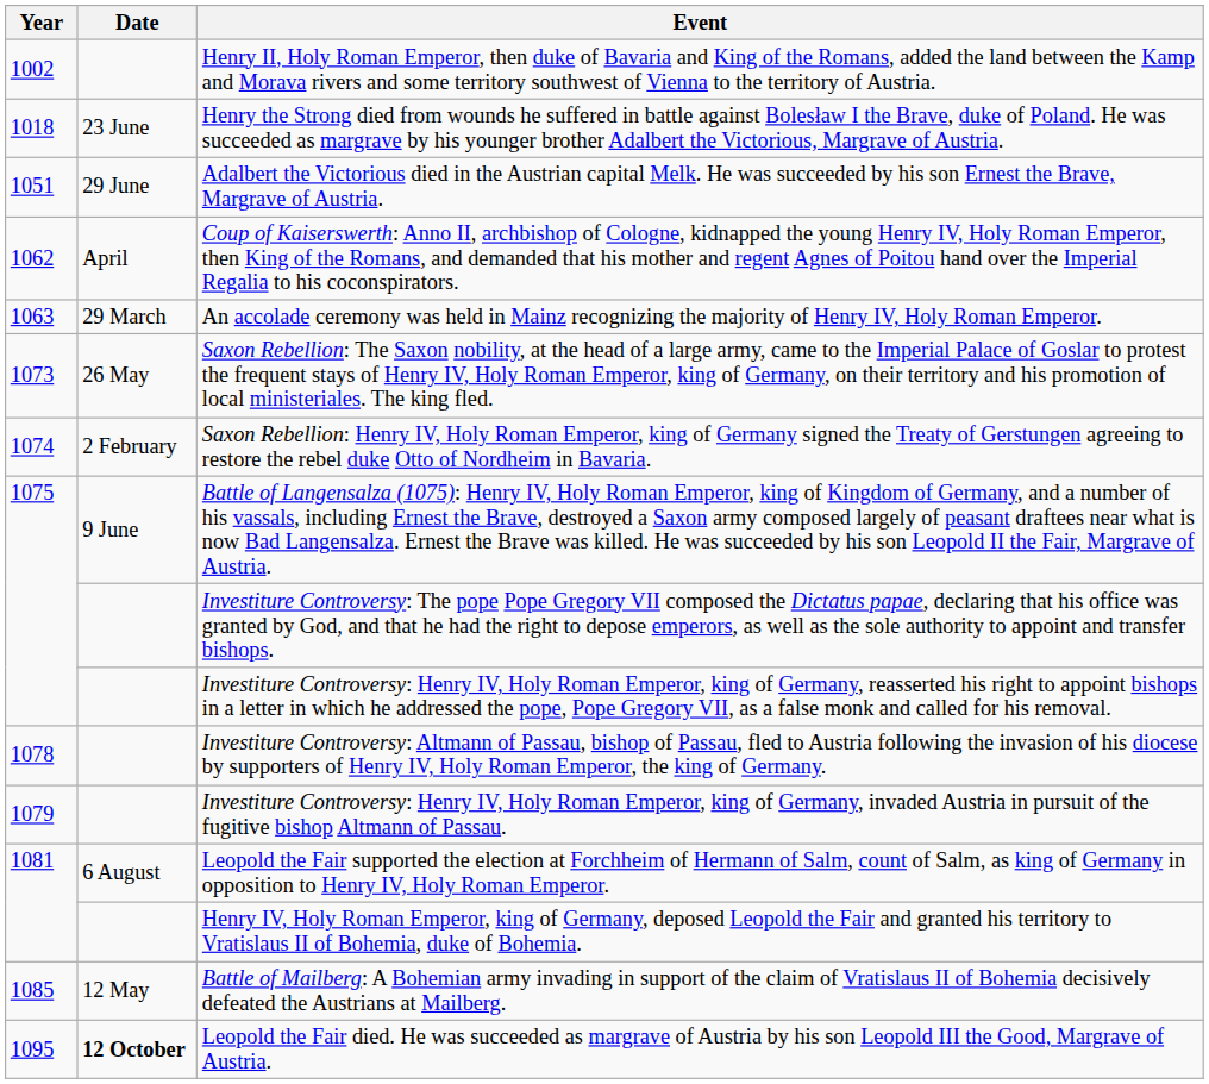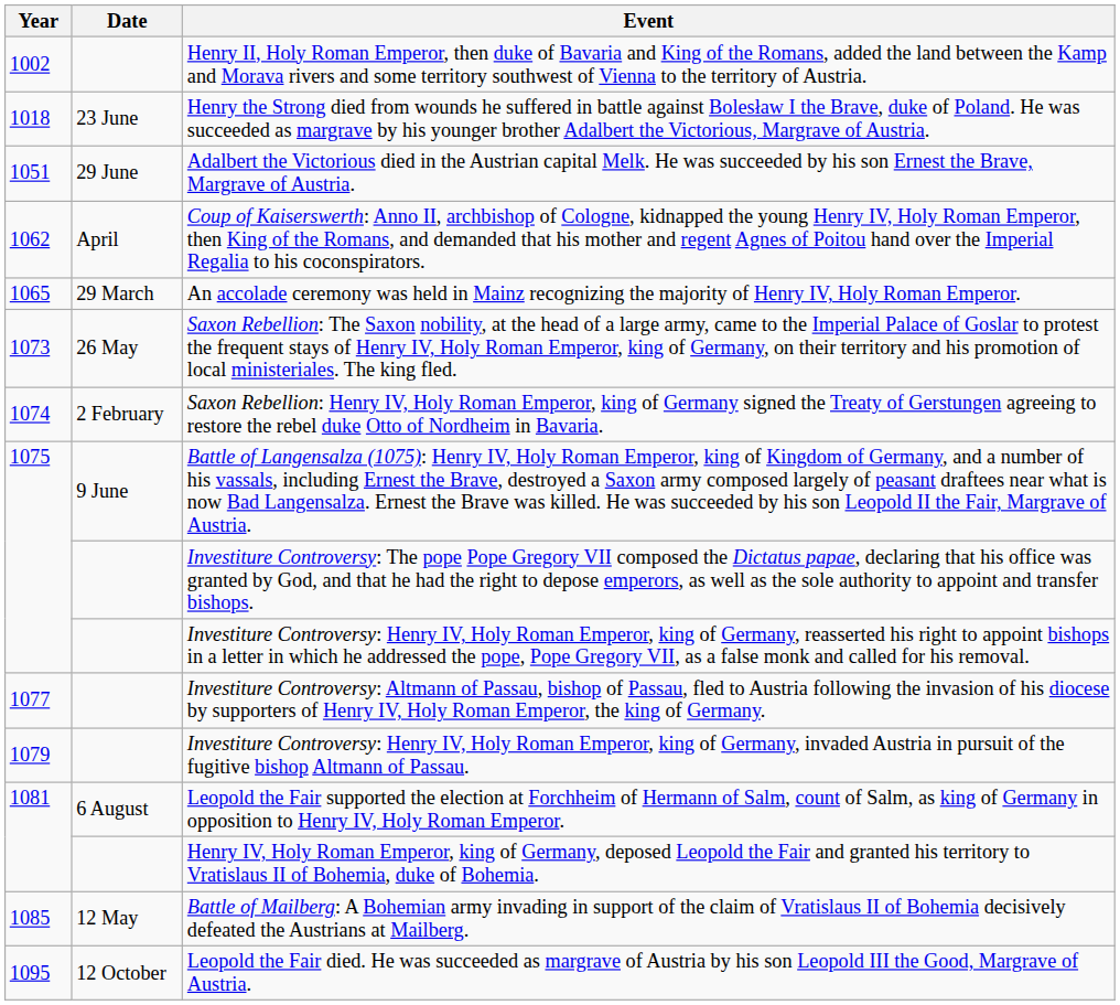 <table class="wikitable" width="100%">
 <tr>
 <th style="width: 6%;">Year</th>
 <th style="width: 10%;">Date</th>
 <th>Event</th>
 </tr>
 <tr>
 <td><a href='#'>1002</a></td>
 <td></td>
 <td><a href='#'>Henry II, Holy Roman Emperor</a>, then <a href='#'>duke</a> of <a href='#'>Bavaria</a> and <a href='#'>King of the Romans</a>, added the land between the <a href='#'>Kamp</a> and <a href='#'>Morava</a> rivers and some territory southwest of <a href='#'>Vienna</a> to the territory of Austria.</td>
 </tr>
 <tr>
 <td><a href='#'>1018</a></td>
 <td>23 June</td>
 <td><a href='#'>Henry the Strong</a> died from wounds he suffered in battle against <a href='#'>Bolesław I the Brave</a>, <a href='#'>duke</a> of <a href='#'>Poland</a>.  He was succeeded as <a href='#'>margrave</a> by his younger brother <a href='#'>Adalbert the Victorious, Margrave of Austria</a>.</td>
 </tr>
 <tr>
 <td><a href='#'>1051</a></td>
 <td>29 June</td>
 <td><a href='#'>Adalbert the Victorious</a> died in the Austrian capital <a href='#'>Melk</a>.  He was succeeded by his son <a href='#'>Ernest the Brave, Margrave of Austria</a>.</td>
 </tr>
 <tr>
 <td><a href='#'>1062</a></td>
 <td>April</td>
 <td><em><a href='#'>Coup of Kaiserswerth</a></em>: <a href='#'>Anno II</a>, <a href='#'>archbishop</a> of <a href='#'>Cologne</a>, kidnapped the young <a href='#'>Henry IV, Holy Roman Emperor</a>, then <a href='#'>King of the Romans</a>, and demanded that his mother and <a href='#'>regent</a> <a href='#'>Agnes of Poitou</a> hand over the <a href='#'>Imperial Regalia</a> to his coconspirators.</td>
 </tr>
 <tr>
-<td><a href='#'>1063</a></td>
+<td><a href='#'>1065</a></td>
 <td>29 March</td>
 <td>An <a href='#'>accolade</a> ceremony was held in <a href='#'>Mainz</a> recognizing the majority of <a href='#'>Henry IV, Holy Roman Emperor</a>.</td>
 </tr>
 <tr>
 <td><a href='#'>1073</a></td>
 <td>26 May</td>
 <td><em><a href='#'>Saxon Rebellion</a></em>: The <a href='#'>Saxon</a> <a href='#'>nobility</a>, at the head of a large army, came to the <a href='#'>Imperial Palace of Goslar</a> to protest the frequent stays of <a href='#'>Henry IV, Holy Roman Emperor</a>, <a href='#'>king</a> of <a href='#'>Germany</a>, on their territory and his promotion of local <a href='#'>ministeriales</a>.  The king fled.</td>
 </tr>
 <tr>
 <td><a href='#'>1074</a></td>
 <td>2 February</td>
 <td><em>Saxon Rebellion</em>: <a href='#'>Henry IV, Holy Roman Emperor</a>, <a href='#'>king</a> of <a href='#'>Germany</a> signed the <a href='#'>Treaty of Gerstungen</a> agreeing to restore the rebel <a href='#'>duke</a> <a href='#'>Otto of Nordheim</a> in <a href='#'>Bavaria</a>.</td>
 </tr>
 <tr>
 <td rowspan="3" valign="top"><a href='#'>1075</a></td>
 <td>9 June</td>
 <td><em><a href='#'>Battle of Langensalza (1075)</a></em>: <a href='#'>Henry IV, Holy Roman Emperor</a>, <a href='#'>king</a> of <a href='#'>Kingdom of Germany</a>, and a number of his <a href='#'>vassals</a>, including <a href='#'>Ernest the Brave</a>, destroyed a <a href='#'>Saxon</a> army composed largely of <a href='#'>peasant</a> draftees near what is now <a href='#'>Bad Langensalza</a>.  Ernest the Brave was killed.  He was succeeded by his son <a href='#'>Leopold II the Fair, Margrave of Austria</a>.</td>
 </tr>
 <tr>
 <td></td>
 <td><em><a href='#'>Investiture Controversy</a></em>: The <a href='#'>pope</a> <a href='#'>Pope Gregory VII</a> composed the <em><a href='#'>Dictatus papae</a></em>, declaring that his office was granted by God, and that he had the right to depose <a href='#'>emperors</a>, as well as the sole authority to appoint and transfer <a href='#'>bishops</a>.</td>
 </tr>
 <tr>
 <td></td>
 <td><em>Investiture Controversy</em>: <a href='#'>Henry IV, Holy Roman Emperor</a>, <a href='#'>king</a> of <a href='#'>Germany</a>, reasserted his right to appoint <a href='#'>bishops</a> in a letter in which he addressed the <a href='#'>pope</a>, <a href='#'>Pope Gregory VII</a>, as a false monk and called for his removal.</td>
 </tr>
 <tr>
-<td><a href='#'>1078</a></td>
+<td><a href='#'>1077</a></td>
 <td></td>
 <td><em>Investiture Controversy</em>: <a href='#'>Altmann of Passau</a>, <a href='#'>bishop</a> of <a href='#'>Passau</a>, fled to Austria following the invasion of his <a href='#'>diocese</a> by supporters of <a href='#'>Henry IV, Holy Roman Emperor</a>, the <a href='#'>king</a> of <a href='#'>Germany</a>.</td>
 </tr>
 <tr>
 <td><a href='#'>1079</a></td>
 <td></td>
 <td><em>Investiture Controversy</em>: <a href='#'>Henry IV, Holy Roman Emperor</a>, <a href='#'>king</a> of <a href='#'>Germany</a>, invaded Austria in pursuit of the fugitive <a href='#'>bishop</a> <a href='#'>Altmann of Passau</a>.</td>
 </tr>
 <tr>
 <td rowspan="2" valign="top"><a href='#'>1081</a></td>
 <td>6 August</td>
 <td><a href='#'>Leopold the Fair</a> supported the election at <a href='#'>Forchheim</a> of <a href='#'>Hermann of Salm</a>, <a href='#'>count</a> of Salm, as <a href='#'>king</a> of <a href='#'>Germany</a> in opposition to <a href='#'>Henry IV, Holy Roman Emperor</a>.</td>
 </tr>
 <tr>
 <td></td>
 <td><a href='#'>Henry IV, Holy Roman Emperor</a>, <a href='#'>king</a> of <a href='#'>Germany</a>, deposed <a href='#'>Leopold the Fair</a> and granted his territory to <a href='#'>Vratislaus II of Bohemia</a>, <a href='#'>duke</a> of <a href='#'>Bohemia</a>.</td>
 </tr>
 <tr>
 <td><a href='#'>1085</a></td>
 <td>12 May</td>
 <td><em><a href='#'>Battle of Mailberg</a></em>: A <a href='#'>Bohemian</a> army invading in support of the claim of <a href='#'>Vratislaus II of Bohemia</a> decisively defeated the Austrians at <a href='#'>Mailberg</a>.</td>
 </tr>
 <tr>
 <td><a href='#'>1095</a></td>
-<td><strong>12 October</strong></td>
+<td>12 October</td>
 <td><a href='#'>Leopold the Fair</a> died.  He was succeeded as <a href='#'>margrave</a> of Austria by his son <a href='#'>Leopold III the Good, Margrave of Austria</a>.</td>
 </tr>
 </table>
